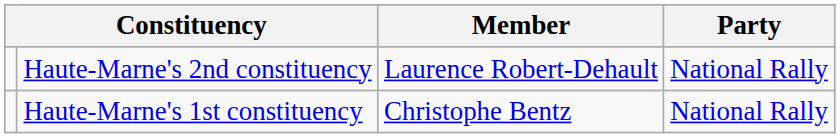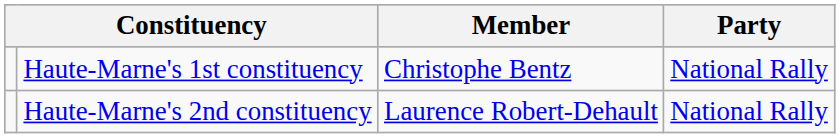 <table class="wikitable">
 <tr>
 <th colspan="2">Constituency</th>
 <th>Member</th>
 <th>Party</th>
 </tr>
 <tr>
 <td style="background-color: "></td>
+<td><a href='#'>Haute-Marne's 1st constituency</a></td>
+<td><a href='#'>Christophe Bentz</a></td>
+<td><a href='#'>National Rally</a></td>
+</tr>
+<tr>
+<td style="background-color: "></td>
 <td><a href='#'>Haute-Marne's 2nd constituency</a></td>
 <td><a href='#'>Laurence Robert-Dehault</a></td>
 <td><a href='#'>National Rally</a></td>
 </tr>
-<tr>
-<td style="background-color: "></td>
-<td><a href='#'>Haute-Marne's 1st constituency</a></td>
-<td><a href='#'>Christophe Bentz</a></td>
-<td><a href='#'>National Rally</a></td>
-</tr>
 </table>
